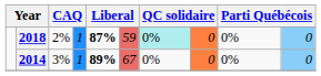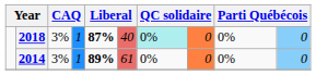 <table class="wikitable" style="width:400; font-size:90%; margin-left:1em;">
 <tr>
 <th colspan="2" scope="col">Year</th>
 <th colspan="2" scope="col"><a href='#'>CAQ</a></th>
 <th colspan="2" scope="col"><a href='#'>Liberal</a></th>
 <th colspan="2" scope="col"><a href='#'>QC solidaire</a></th>
 <th colspan="2" scope="col"><a href='#'>Parti Québécois</a></th>
 </tr>
 <tr>
 <td rowspan="2" style="width: 0.25em; background-color: "></td>
 <th><a href='#'>2018</a></th>
-<td>2%</td>
+<td>3%</td>
 <td style="text-align:right; background:#1E90FF;"><em>1</em></td>
 <td><strong>87%</strong></td>
-<td style="text-align:right; background:#EA6D6A;"><em>59</em></td>
+<td style="text-align:right; background:#EA6D6A;"><em>40</em></td>
 <td style="background: paleturquoise;">0%</td>
 <td style="text-align:right; background:#FF8040;"><em>0</em></td>
 <td>0%</td>
 <td style="text-align:right; background:#87CEFA;"><em>0</em></td>
 </tr>
 <tr>
 <th><a href='#'>2014</a></th>
 <td>3%</td>
 <td style="text-align:right; background:#1E90FF;"><em>1</em></td>
 <td><strong>89%</strong></td>
-<td style="text-align:right; background:#EA6D6A;"><em>67</em></td>
+<td style="text-align:right; background:#EA6D6A;"><em>61</em></td>
 <td>0%</td>
 <td style="text-align:right; background:#FF8040;"><em>0</em></td>
 <td>0%</td>
 <td style="text-align:right; background:#87CEFA;"><em>0</em></td>
 </tr>
 <tr>
 </tr>
 </table>
